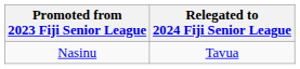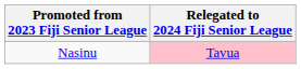 <table class="wikitable">
 <tr>
 <th> Promoted from<br><a href='#'>2023 Fiji Senior League</a></th>
 <th> Relegated to<br><a href='#'>2024 Fiji Senior League</a></th>
 </tr>
 <tr>
 <td align="center"><a href='#'>Nasinu</a></td>
-<td align="center"><a href='#'>Tavua</a></td>
+<td align="center" style="background: pink;"><a href='#'>Tavua</a></td>
 </tr>
 </table>
